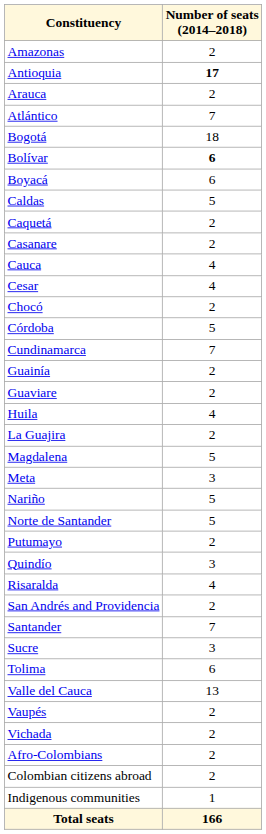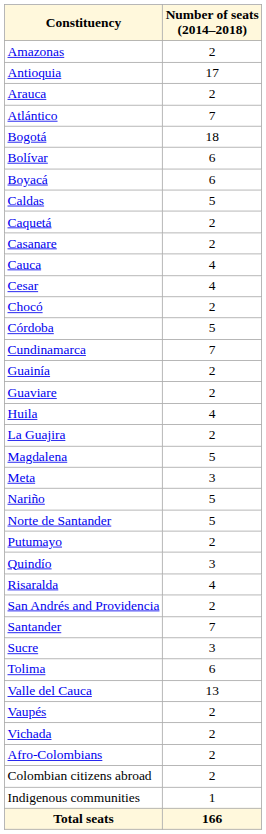 <table border="0" style="background:#ffffff; text-align: center" class="sortable wikitable">
 <tr>
 <th style="background:cornsilk; color:black">Constituency</th>
 <th style="background:cornsilk; color:b">Number of seats<br> (2014–2018)</th>
 </tr>
 <tr>
 <td style="text-align:left"> <a href='#'>Amazonas</a></td>
 <td>2</td>
 </tr>
 <tr>
 <td style="text-align:left"> <a href='#'>Antioquia</a></td>
-<td><strong>17</strong></td>
+<td>17</td>
 </tr>
 <tr>
 <td style="text-align:left"> <a href='#'>Arauca</a></td>
 <td>2</td>
 </tr>
 <tr>
 <td style="text-align:left"> <a href='#'>Atlántico</a></td>
 <td>7</td>
 </tr>
 <tr>
 <td style="text-align:left"> <a href='#'>Bogotá</a></td>
 <td>18</td>
 </tr>
 <tr>
 <td style="text-align:left"> <a href='#'>Bolívar</a></td>
-<td><strong>6</strong></td>
+<td>6</td>
 </tr>
 <tr>
 <td style="text-align:left"> <a href='#'>Boyacá</a></td>
 <td>6</td>
 </tr>
 <tr>
 <td style="text-align:left"> <a href='#'>Caldas</a></td>
 <td>5</td>
 </tr>
 <tr>
 <td style="text-align:left"> <a href='#'>Caquetá</a></td>
 <td>2</td>
 </tr>
 <tr>
 <td style="text-align:left"> <a href='#'>Casanare</a></td>
 <td>2</td>
 </tr>
 <tr>
 <td style="text-align:left"> <a href='#'>Cauca</a></td>
 <td>4</td>
 </tr>
 <tr>
 <td style="text-align:left"> <a href='#'>Cesar</a></td>
 <td>4</td>
 </tr>
 <tr>
 <td style="text-align:left"> <a href='#'>Chocó</a></td>
 <td>2</td>
 </tr>
 <tr>
 <td style="text-align:left"> <a href='#'>Córdoba</a></td>
 <td>5</td>
 </tr>
 <tr>
 <td style="text-align:left"> <a href='#'>Cundinamarca</a></td>
 <td>7</td>
 </tr>
 <tr>
 <td style="text-align:left"> <a href='#'>Guainía</a></td>
 <td>2</td>
 </tr>
 <tr>
 <td style="text-align:left"> <a href='#'>Guaviare</a></td>
 <td>2</td>
 </tr>
 <tr>
 <td style="text-align:left"> <a href='#'>Huila</a></td>
 <td>4</td>
 </tr>
 <tr>
 <td style="text-align:left"> <a href='#'>La Guajira</a></td>
 <td>2</td>
 </tr>
 <tr>
 <td style="text-align:left"> <a href='#'>Magdalena</a></td>
 <td>5</td>
 </tr>
 <tr>
 <td style="text-align:left"> <a href='#'>Meta</a></td>
 <td>3</td>
 </tr>
 <tr>
 <td style="text-align:left"> <a href='#'>Nariño</a></td>
 <td>5</td>
 </tr>
 <tr>
 <td style="text-align:left"> <a href='#'>Norte de Santander</a></td>
 <td>5</td>
 </tr>
 <tr>
 <td style="text-align:left"> <a href='#'>Putumayo</a></td>
 <td>2</td>
 </tr>
 <tr>
 <td style="text-align:left"> <a href='#'>Quindío</a></td>
 <td>3</td>
 </tr>
 <tr>
 <td style="text-align:left"> <a href='#'>Risaralda</a></td>
 <td>4</td>
 </tr>
 <tr>
 <td style="text-align:left"> <a href='#'>San Andrés and Providencia</a></td>
 <td>2</td>
 </tr>
 <tr>
 <td style="text-align:left"> <a href='#'>Santander</a></td>
 <td>7</td>
 </tr>
 <tr>
 <td style="text-align:left"> <a href='#'>Sucre</a></td>
 <td>3</td>
 </tr>
 <tr>
 <td style="text-align:left"> <a href='#'>Tolima</a></td>
 <td>6</td>
 </tr>
 <tr>
 <td style="text-align:left"> <a href='#'>Valle del Cauca</a></td>
 <td>13</td>
 </tr>
 <tr>
 <td style="text-align:left"> <a href='#'>Vaupés</a></td>
 <td>2</td>
 </tr>
 <tr>
 <td style="text-align:left"> <a href='#'>Vichada</a></td>
 <td>2</td>
 </tr>
 <tr>
 <td style="text-align:left"><a href='#'>Afro-Colombians</a></td>
 <td>2</td>
 </tr>
 <tr>
 <td style="text-align:left">Colombian citizens abroad</td>
 <td>2</td>
 </tr>
 <tr>
 <td style="text-align:left">Indigenous communities</td>
 <td>1</td>
 </tr>
 <tr>
 <th style="background:cornsilk; color:black">Total seats</th>
 <th style="background:cornsilk; color:b">166</th>
 </tr>
 </table>
